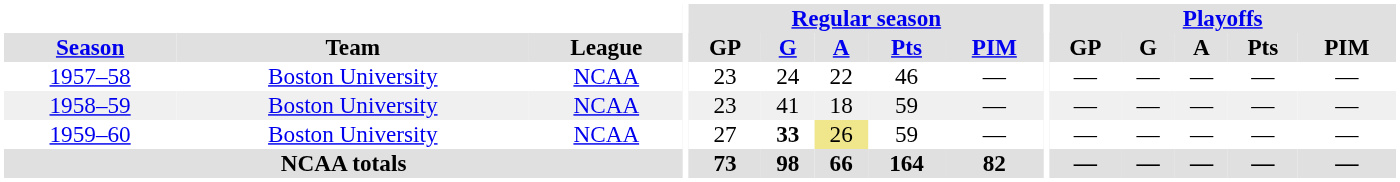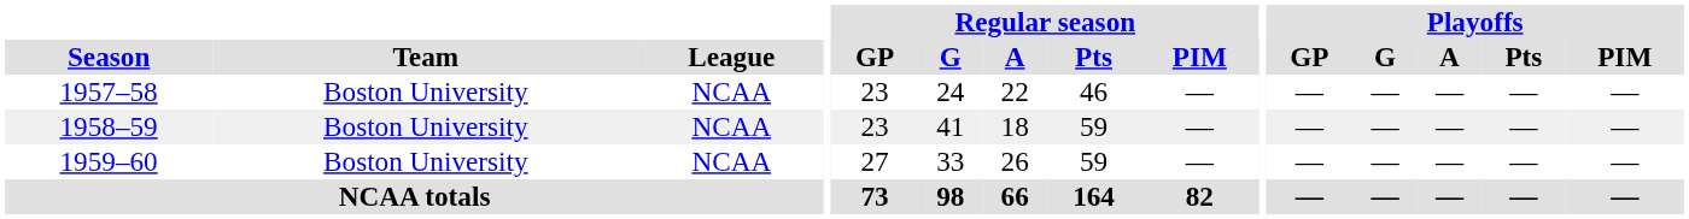 <table border="0" cellpadding="1" cellspacing="0" style="text-align:center; width:60em">
 <tr bgcolor="#e0e0e0">
 <th colspan="3" bgcolor="#ffffff"></th>
 <th rowspan="99" bgcolor="#ffffff"></th>
 <th colspan="5"><a href='#'>Regular season</a></th>
 <th rowspan="99" bgcolor="#ffffff"></th>
 <th colspan="5"><a href='#'>Playoffs</a></th>
 </tr>
 <tr bgcolor="#e0e0e0">
 <th><a href='#'>Season</a></th>
 <th>Team</th>
 <th>League</th>
 <th>GP</th>
 <th><a href='#'>G</a></th>
 <th><a href='#'>A</a></th>
 <th><a href='#'>Pts</a></th>
 <th><a href='#'>PIM</a></th>
 <th>GP</th>
 <th>G</th>
 <th>A</th>
 <th>Pts</th>
 <th>PIM</th>
 </tr>
 <tr>
 <td><a href='#'>1957–58</a></td>
 <td><a href='#'>Boston University</a></td>
 <td><a href='#'>NCAA</a></td>
 <td>23</td>
 <td>24</td>
 <td>22</td>
 <td>46</td>
 <td>—</td>
 <td>—</td>
 <td>—</td>
 <td>—</td>
 <td>—</td>
 <td>—</td>
 </tr>
 <tr bgcolor="f0f0f0">
 <td><a href='#'>1958–59</a></td>
 <td><a href='#'>Boston University</a></td>
 <td><a href='#'>NCAA</a></td>
 <td>23</td>
 <td>41</td>
 <td>18</td>
 <td>59</td>
 <td>—</td>
 <td>—</td>
 <td>—</td>
 <td>—</td>
 <td>—</td>
 <td>—</td>
 </tr>
 <tr>
 <td><a href='#'>1959–60</a></td>
 <td><a href='#'>Boston University</a></td>
 <td><a href='#'>NCAA</a></td>
 <td>27</td>
-<td><strong>33</strong></td>
-<td style="background: khaki;">26</td>
+<td>33</td>
+<td>26</td>
 <td>59</td>
 <td>—</td>
 <td>—</td>
 <td>—</td>
 <td>—</td>
 <td>—</td>
 <td>—</td>
 </tr>
 <tr bgcolor="#e0e0e0">
 <th colspan="3">NCAA totals</th>
 <th>73</th>
 <th>98</th>
 <th>66</th>
 <th>164</th>
 <th>82</th>
 <th>—</th>
 <th>—</th>
 <th>—</th>
 <th>—</th>
 <th>—</th>
 </tr>
 </table>
